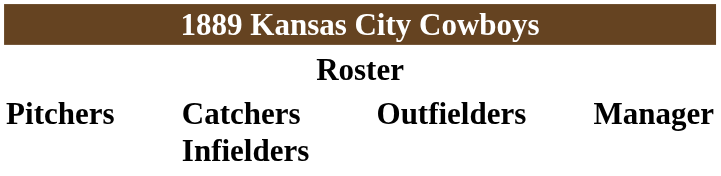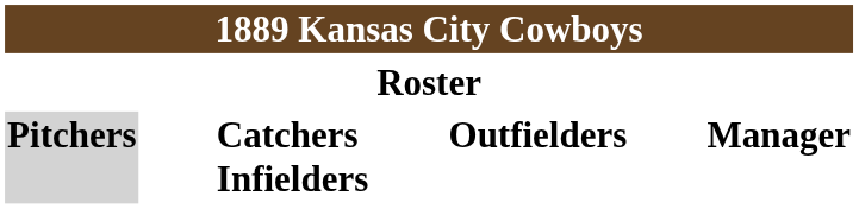 <table class="toccolours" style="font-size: 95%;">
 <tr>
 <th colspan="10" style="background-color: #654321; color: white; text-align: center;">1889 Kansas City Cowboys</th>
 </tr>
 <tr>
 <td colspan="10" style="background-color: white; color: 654321; text-align: center;"><strong>Roster</strong></td>
 </tr>
 <tr>
-<td valign="top"><strong>Pitchers</strong><br>       </td>
+<td valign="top" style="background: lightgrey;"><strong>Pitchers</strong><br>       </td>
 <td width="25px"></td>
 <td valign="top"><strong>Catchers</strong><br>    <strong>Infielders</strong>       </td>
 <td width="25px"></td>
 <td valign="top"><strong>Outfielders</strong><br>      </td>
 <td width="25px"></td>
 <td valign="top"><strong>Manager</strong><br></td>
 </tr>
 </table>
